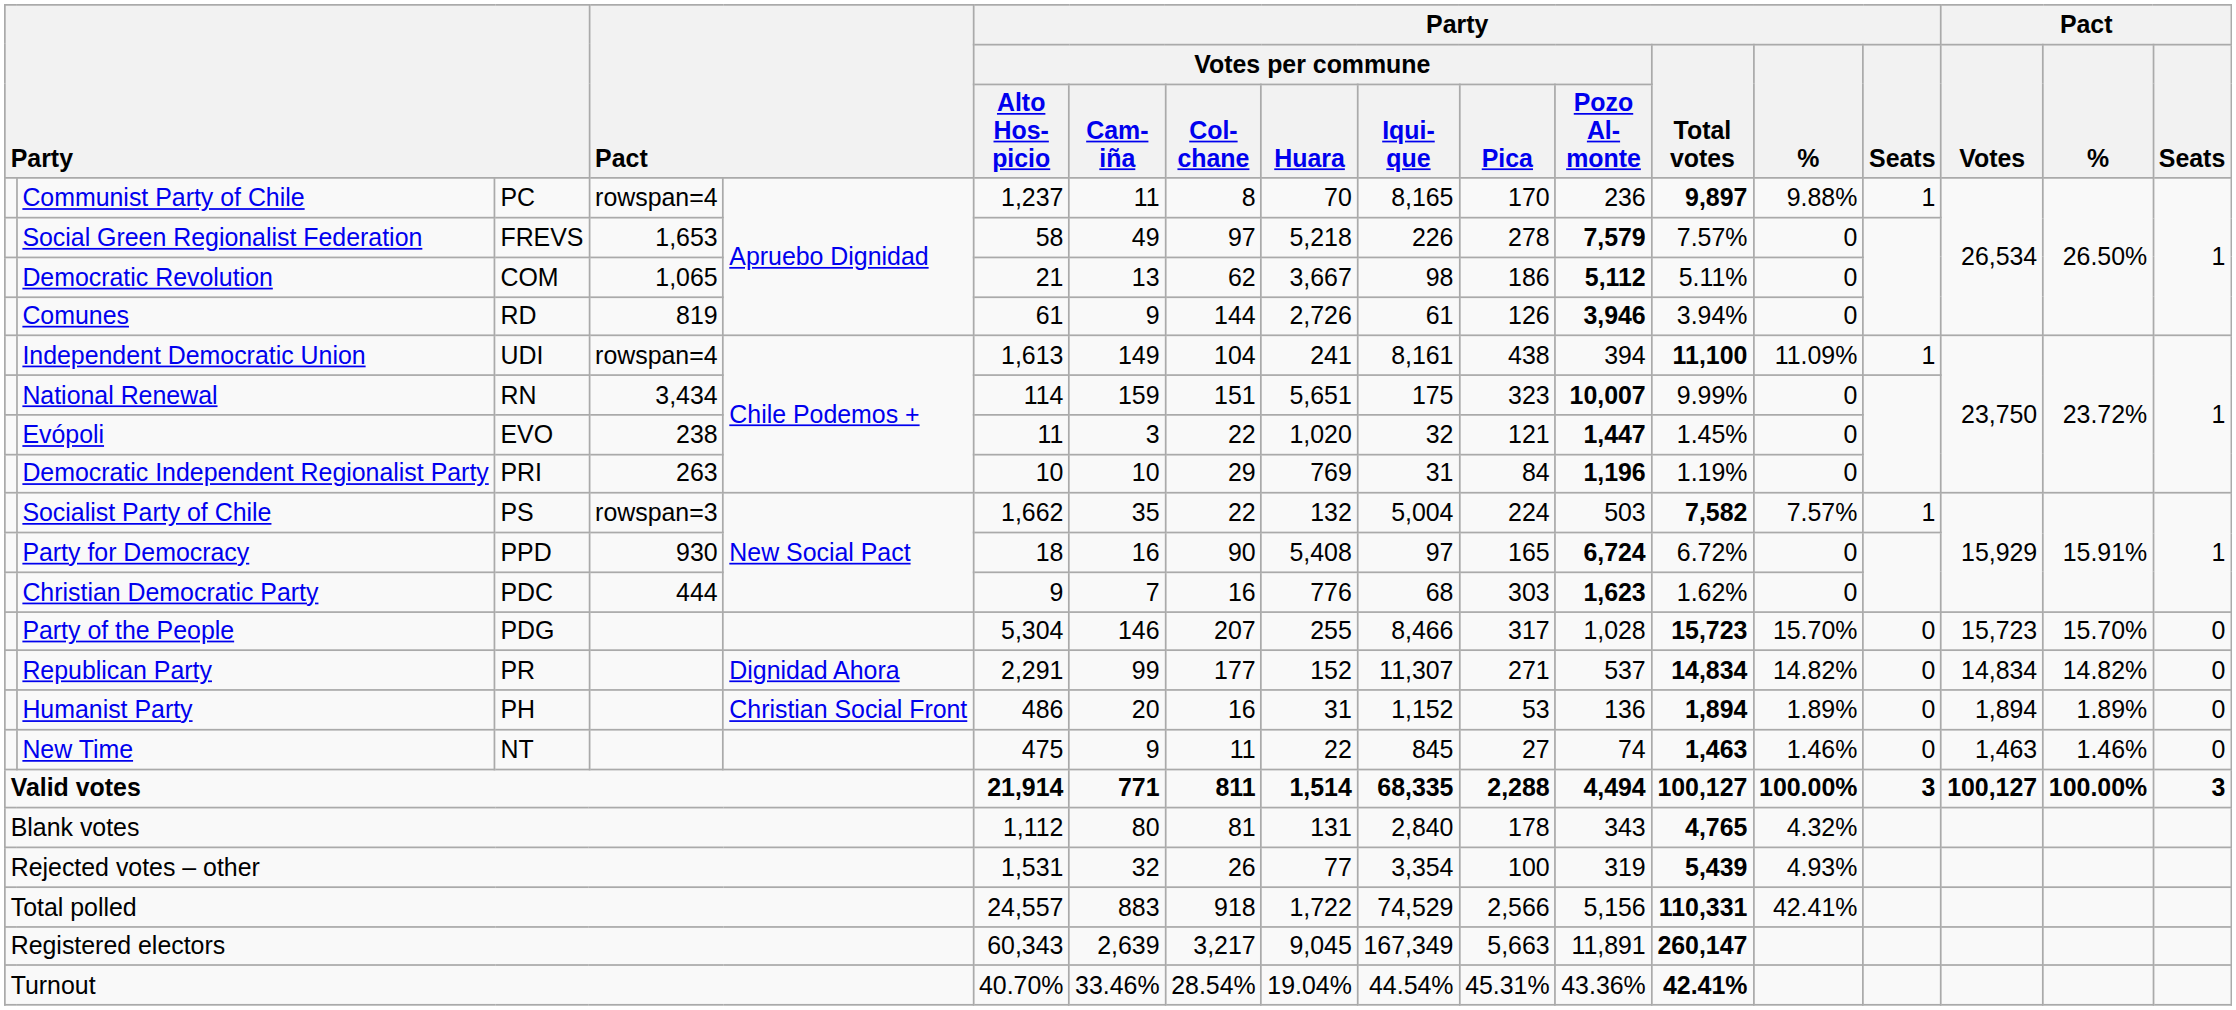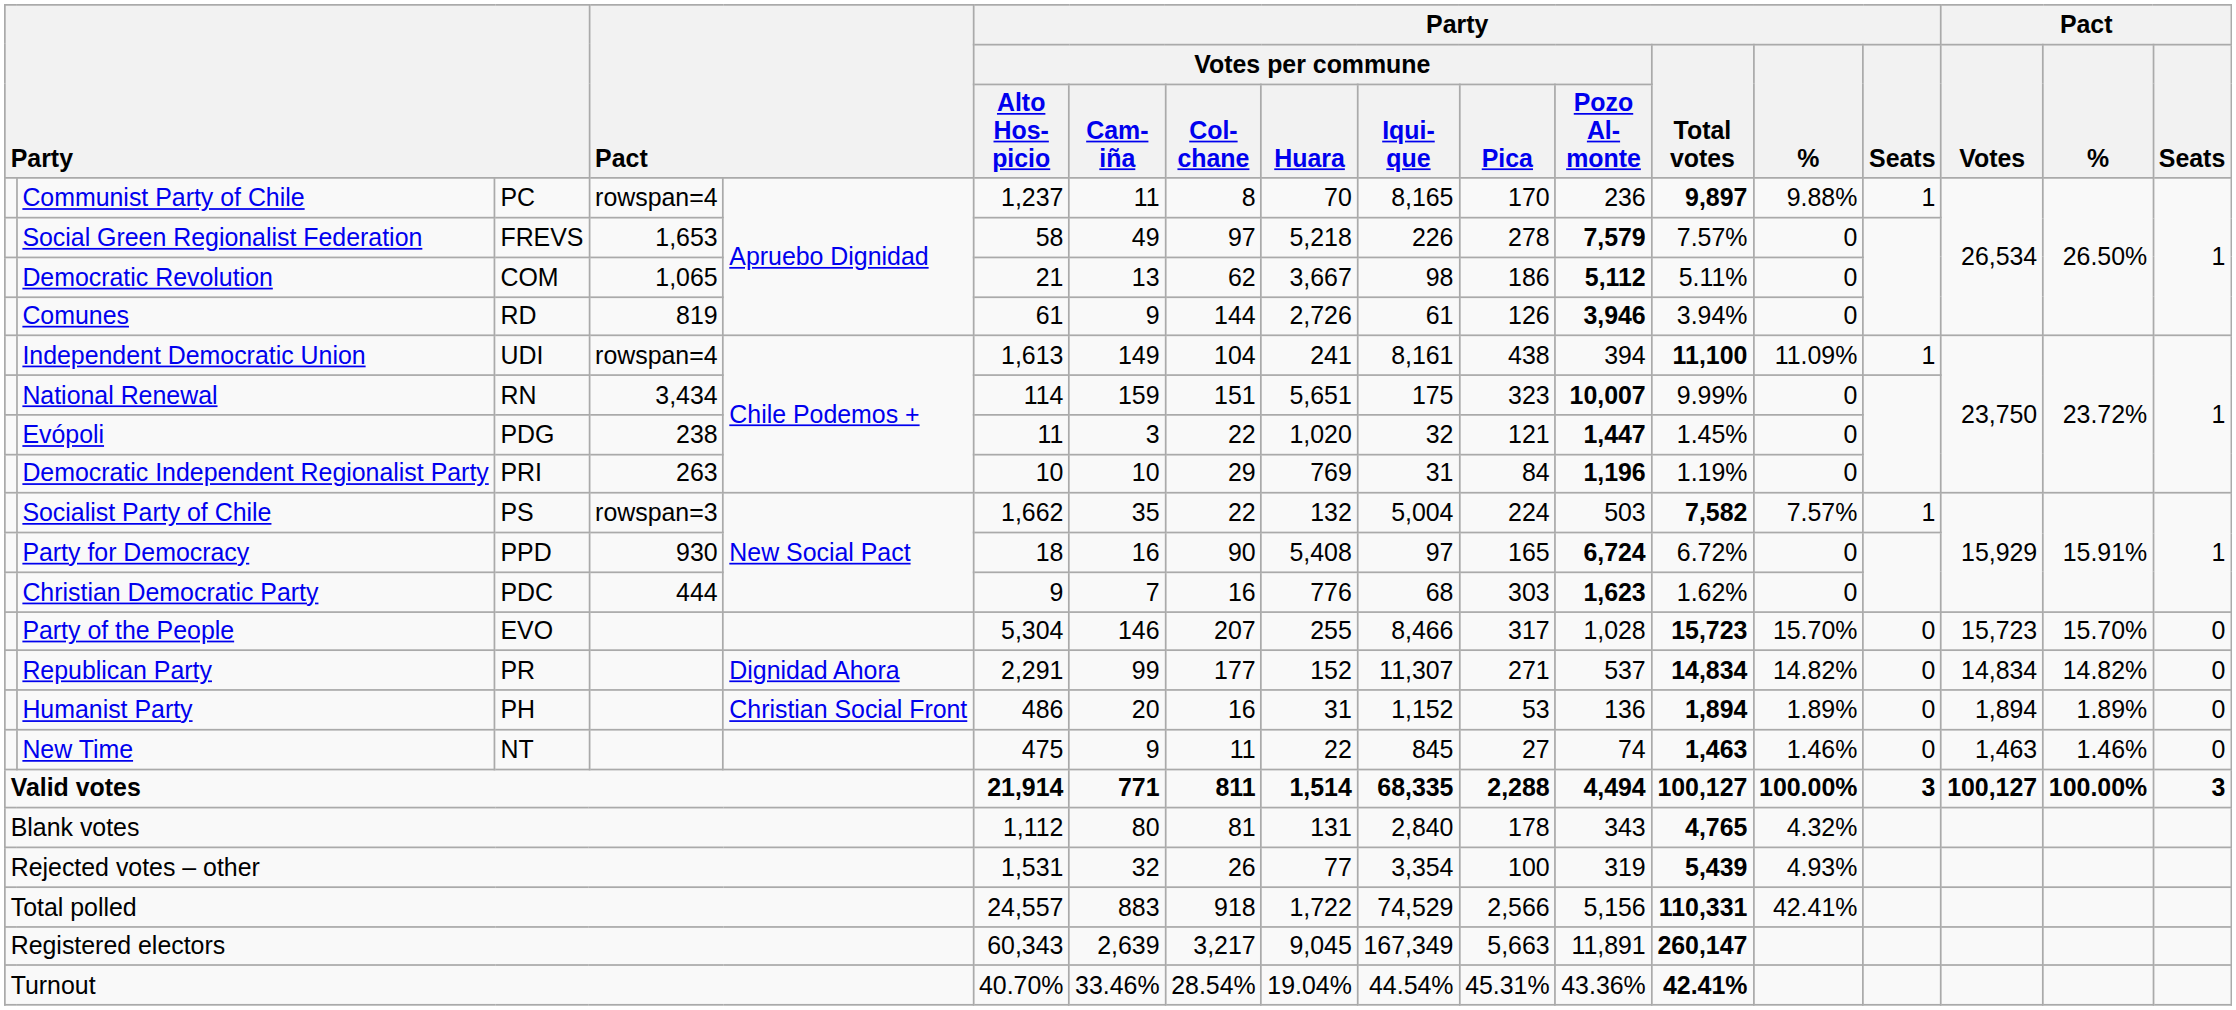 <table class="wikitable" border="1" style="font-size:90%; text-align:right; white-space: nowrap;">
 <tr>
 <th style="text-align:left;" valign=bottom rowspan=3 colspan=3>Party</th>
 <th style="text-align:left;" valign=bottom rowspan=3 colspan=2>Pact</th>
 <th colspan=10>Party</th>
 <th colspan=3>Pact</th>
 </tr>
 <tr>
 <th colspan=7>Votes per commune</th>
 <th align=center valign=bottom rowspan=2 width="40">Total<br>votes</th>
 <th align=center valign=bottom rowspan=2 width="40">%</th>
 <th align=center valign=bottom rowspan=2>Seats</th>
 <th align=center valign=bottom rowspan=2 width="40">Votes</th>
 <th align=center valign=bottom rowspan=2 width="40">%</th>
 <th align=center valign=bottom rowspan=2>Seats</th>
 </tr>
 <tr>
 <th align=center valign=bottom width="40"><a href='#'>Alto<br>Hos-<br>picio</a></th>
 <th align=center valign=bottom width="40"><a href='#'>Cam-<br>iña</a></th>
 <th align=center valign=bottom width="40"><a href='#'>Col-<br>chane</a></th>
 <th align=center valign=bottom width="40"><a href='#'>Huara</a></th>
 <th align=center valign=bottom width="40"><a href='#'>Iqui-<br>que</a></th>
 <th align=center valign=bottom width="40"><a href='#'>Pica</a></th>
 <th align=center valign=bottom width="40"><a href='#'>Pozo<br>Al-<br>monte</a></th>
 </tr>
 <tr>
 <td></td>
 <td align=left><a href='#'>Communist Party of Chile</a></td>
 <td align=left>PC</td>
 <td>rowspan=4 </td>
 <td rowspan=4 align=left><a href='#'>Apruebo Dignidad</a></td>
 <td>1,237</td>
 <td>11</td>
 <td>8</td>
 <td>70</td>
 <td>8,165</td>
 <td>170</td>
 <td>236</td>
 <td><strong>9,897</strong></td>
 <td>9.88%</td>
 <td>1</td>
 <td rowspan=4>26,534</td>
 <td rowspan=4>26.50%</td>
 <td rowspan=4>1</td>
 </tr>
 <tr>
 <td></td>
 <td align=left><a href='#'>Social Green Regionalist Federation</a></td>
 <td align=left>FREVS</td>
 <td>1,653</td>
 <td>58</td>
 <td>49</td>
 <td>97</td>
 <td>5,218</td>
 <td>226</td>
 <td>278</td>
 <td><strong>7,579</strong></td>
 <td>7.57%</td>
 <td>0</td>
 </tr>
 <tr>
 <td></td>
 <td align=left><a href='#'>Democratic Revolution</a></td>
 <td align=left>COM</td>
 <td>1,065</td>
 <td>21</td>
 <td>13</td>
 <td>62</td>
 <td>3,667</td>
 <td>98</td>
 <td>186</td>
 <td><strong>5,112</strong></td>
 <td>5.11%</td>
 <td>0</td>
 </tr>
 <tr>
 <td></td>
 <td align=left><a href='#'>Comunes</a></td>
 <td align=left>RD</td>
 <td>819</td>
 <td>61</td>
 <td>9</td>
 <td>144</td>
 <td>2,726</td>
 <td>61</td>
 <td>126</td>
 <td><strong>3,946</strong></td>
 <td>3.94%</td>
 <td>0</td>
 </tr>
 <tr>
 <td></td>
 <td align=left><a href='#'>Independent Democratic Union</a></td>
 <td align=left>UDI</td>
 <td>rowspan=4 </td>
 <td rowspan=4 align=left><a href='#'>Chile Podemos +</a></td>
 <td>1,613</td>
 <td>149</td>
 <td>104</td>
 <td>241</td>
 <td>8,161</td>
 <td>438</td>
 <td>394</td>
 <td><strong>11,100</strong></td>
 <td>11.09%</td>
 <td>1</td>
 <td rowspan=4>23,750</td>
 <td rowspan=4>23.72%</td>
 <td rowspan=4>1</td>
 </tr>
 <tr>
 <td></td>
 <td align=left><a href='#'>National Renewal</a></td>
 <td align=left>RN</td>
 <td>3,434</td>
 <td>114</td>
 <td>159</td>
 <td>151</td>
 <td>5,651</td>
 <td>175</td>
 <td>323</td>
 <td><strong>10,007</strong></td>
 <td>9.99%</td>
 <td>0</td>
 </tr>
 <tr>
 <td></td>
 <td align=left><a href='#'>Evópoli</a></td>
-<td align=left>EVO</td>
+<td align=left>PDG</td>
 <td>238</td>
 <td>11</td>
 <td>3</td>
 <td>22</td>
 <td>1,020</td>
 <td>32</td>
 <td>121</td>
 <td><strong>1,447</strong></td>
 <td>1.45%</td>
 <td>0</td>
 </tr>
 <tr>
 <td></td>
 <td align=left><a href='#'>Democratic Independent Regionalist Party</a></td>
 <td align=left>PRI</td>
 <td>263</td>
 <td>10</td>
 <td>10</td>
 <td>29</td>
 <td>769</td>
 <td>31</td>
 <td>84</td>
 <td><strong>1,196</strong></td>
 <td>1.19%</td>
 <td>0</td>
 </tr>
 <tr>
 <td></td>
 <td align=left><a href='#'>Socialist Party of Chile</a></td>
 <td align=left>PS</td>
 <td>rowspan=3 </td>
 <td rowspan=3 align=left><a href='#'>New Social Pact</a></td>
 <td>1,662</td>
 <td>35</td>
 <td>22</td>
 <td>132</td>
 <td>5,004</td>
 <td>224</td>
 <td>503</td>
 <td><strong>7,582</strong></td>
 <td>7.57%</td>
 <td>1</td>
 <td rowspan=3>15,929</td>
 <td rowspan=3>15.91%</td>
 <td rowspan=3>1</td>
 </tr>
 <tr>
 <td></td>
 <td align=left><a href='#'>Party for Democracy</a></td>
 <td align=left>PPD</td>
 <td>930</td>
 <td>18</td>
 <td>16</td>
 <td>90</td>
 <td>5,408</td>
 <td>97</td>
 <td>165</td>
 <td><strong>6,724</strong></td>
 <td>6.72%</td>
 <td>0</td>
 </tr>
 <tr>
 <td></td>
 <td align=left><a href='#'>Christian Democratic Party</a></td>
 <td align=left>PDC</td>
 <td>444</td>
 <td>9</td>
 <td>7</td>
 <td>16</td>
 <td>776</td>
 <td>68</td>
 <td>303</td>
 <td><strong>1,623</strong></td>
 <td>1.62%</td>
 <td>0</td>
 </tr>
 <tr>
 <td></td>
 <td align=left><a href='#'>Party of the People</a></td>
-<td align=left>PDG</td>
+<td align=left>EVO</td>
 <td></td>
 <td></td>
 <td>5,304</td>
 <td>146</td>
 <td>207</td>
 <td>255</td>
 <td>8,466</td>
 <td>317</td>
 <td>1,028</td>
 <td><strong>15,723</strong></td>
 <td>15.70%</td>
 <td>0</td>
 <td>15,723</td>
 <td>15.70%</td>
 <td>0</td>
 </tr>
 <tr>
 <td></td>
 <td align=left><a href='#'>Republican Party</a></td>
 <td align=left>PR</td>
 <td></td>
 <td align=left><a href='#'>Dignidad Ahora</a></td>
 <td>2,291</td>
 <td>99</td>
 <td>177</td>
 <td>152</td>
 <td>11,307</td>
 <td>271</td>
 <td>537</td>
 <td><strong>14,834</strong></td>
 <td>14.82%</td>
 <td>0</td>
 <td>14,834</td>
 <td>14.82%</td>
 <td>0</td>
 </tr>
 <tr>
 <td></td>
 <td align=left><a href='#'>Humanist Party</a></td>
 <td align=left>PH</td>
 <td></td>
 <td align=left><a href='#'>Christian Social Front</a></td>
 <td>486</td>
 <td>20</td>
 <td>16</td>
 <td>31</td>
 <td>1,152</td>
 <td>53</td>
 <td>136</td>
 <td><strong>1,894</strong></td>
 <td>1.89%</td>
 <td>0</td>
 <td>1,894</td>
 <td>1.89%</td>
 <td>0</td>
 </tr>
 <tr>
 <td></td>
 <td align=left><a href='#'>New Time</a></td>
 <td align=left>NT</td>
 <td></td>
 <td></td>
 <td>475</td>
 <td>9</td>
 <td>11</td>
 <td>22</td>
 <td>845</td>
 <td>27</td>
 <td>74</td>
 <td><strong>1,463</strong></td>
 <td>1.46%</td>
 <td>0</td>
 <td>1,463</td>
 <td>1.46%</td>
 <td>0</td>
 </tr>
 <tr style="font-weight:bold">
 <td align=left colspan=5>Valid votes</td>
 <td>21,914</td>
 <td>771</td>
 <td>811</td>
 <td>1,514</td>
 <td>68,335</td>
 <td>2,288</td>
 <td>4,494</td>
 <td>100,127</td>
 <td>100.00%</td>
 <td>3</td>
 <td>100,127</td>
 <td>100.00%</td>
 <td>3</td>
 </tr>
 <tr>
 <td align=left colspan=5>Blank votes</td>
 <td>1,112</td>
 <td>80</td>
 <td>81</td>
 <td>131</td>
 <td>2,840</td>
 <td>178</td>
 <td>343</td>
 <td><strong>4,765</strong></td>
 <td>4.32%</td>
 <td></td>
 <td></td>
 <td></td>
 <td></td>
 </tr>
 <tr>
 <td align=left colspan=5>Rejected votes – other</td>
 <td>1,531</td>
 <td>32</td>
 <td>26</td>
 <td>77</td>
 <td>3,354</td>
 <td>100</td>
 <td>319</td>
 <td><strong>5,439</strong></td>
 <td>4.93%</td>
 <td></td>
 <td></td>
 <td></td>
 <td></td>
 </tr>
 <tr>
 <td align=left colspan=5>Total polled</td>
 <td>24,557</td>
 <td>883</td>
 <td>918</td>
 <td>1,722</td>
 <td>74,529</td>
 <td>2,566</td>
 <td>5,156</td>
 <td><strong>110,331</strong></td>
 <td>42.41%</td>
 <td></td>
 <td></td>
 <td></td>
 <td></td>
 </tr>
 <tr>
 <td align=left colspan=5>Registered electors</td>
 <td>60,343</td>
 <td>2,639</td>
 <td>3,217</td>
 <td>9,045</td>
 <td>167,349</td>
 <td>5,663</td>
 <td>11,891</td>
 <td><strong>260,147</strong></td>
 <td></td>
 <td></td>
 <td></td>
 <td></td>
 <td></td>
 </tr>
 <tr>
 <td align=left colspan=5>Turnout</td>
 <td>40.70%</td>
 <td>33.46%</td>
 <td>28.54%</td>
 <td>19.04%</td>
 <td>44.54%</td>
 <td>45.31%</td>
 <td>43.36%</td>
 <td><strong>42.41%</strong></td>
 <td></td>
 <td></td>
 <td></td>
 <td></td>
 <td></td>
 </tr>
 </table>
